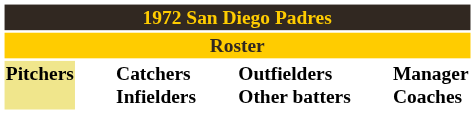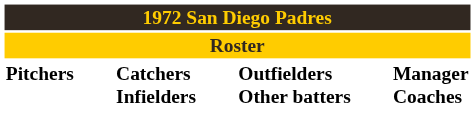 <table class="toccolours" style="font-size: 95%;">
 <tr>
 <th colspan="10" style="background-color: #312821; color: #FFCC00; text-align: center;">1972 San Diego Padres</th>
 </tr>
 <tr>
 <td colspan="10" style="background-color:#FFCC00; color: #312821; text-align: center;"><strong>Roster</strong></td>
 </tr>
 <tr>
-<td valign="top" style="background: khaki;"><strong>Pitchers</strong><br>              </td>
+<td valign="top"><strong>Pitchers</strong><br>              </td>
 <td width="25px"></td>
 <td valign="top"><strong>Catchers</strong><br>     <strong>Infielders</strong>           </td>
 <td width="25px"></td>
 <td valign="top"><strong>Outfielders</strong><br>         <strong>Other batters</strong> </td>
 <td width="25px"></td>
 <td valign="top"><strong>Manager</strong><br>  <strong>Coaches</strong>     </td>
 </tr>
 </table>
